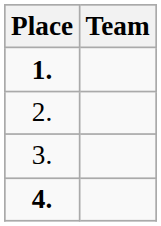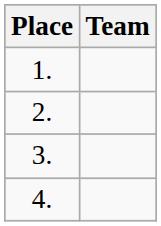 <table class="wikitable">
 <tr>
 <th>Place</th>
 <th>Team</th>
 </tr>
 <tr>
-<td align="center"><strong>1.</strong></td>
+<td align="center">1.</td>
 <td></td>
 </tr>
 <tr>
 <td align="center">2.</td>
 <td></td>
 </tr>
 <tr>
 <td align="center">3.</td>
 <td></td>
 </tr>
 <tr>
-<td align="center"><strong>4.</strong></td>
+<td align="center">4.</td>
 <td></td>
 </tr>
 </table>
